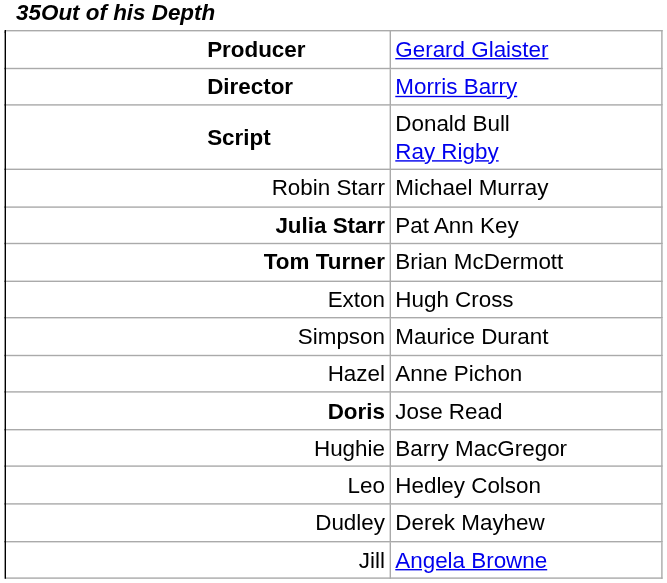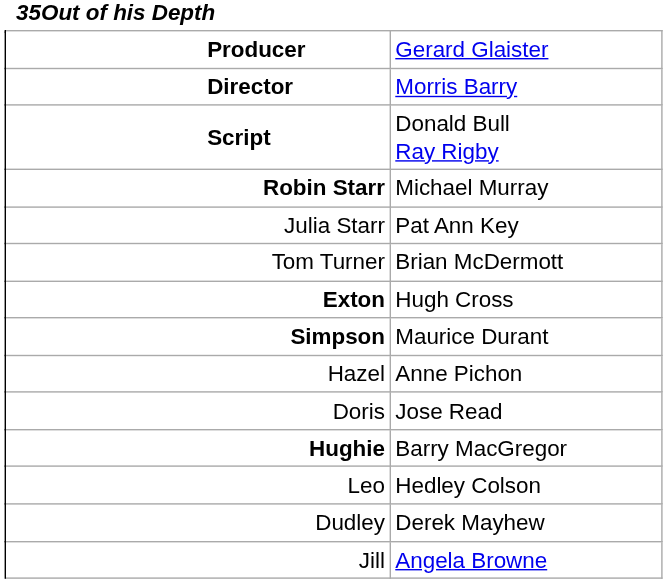 <table class="wikitable mw-collapsible mw-collapsed" style="vertical-align:top;margin:auto 2em;line-height:1.2;min-width:33em;display: inline-table;background-color:inherit;border:none;">
 <tr>
 <td class=unsortable style="border:hidden;line-height:1.67;text-align:center;margin-left:-1em;padding-left:0.5em;min-width:1.0em;"></td>
 <td class=unsortable style="border:none;padding-left:0.5em;text-align:left;min-width:16.5em;font-weight:700;font-style:italic;">35Out of his Depth</td>
 <td class=unsortable style="border:none;text-align:right;font-weight:normal;font-family:Courier;font-size:95%;letter-spacing:-1pt;min-width:8.5em;padding-right:0.2em;"></td>
 <td class=unsortable style="border:hidden;min-width:3.5em;padding-left:0;"></td>
 <td class=unsortable style="border:hidden;min-width:3.5em;font-size:95%;"></td>
 </tr>
 <tr>
 <td rowspan=100 style="border:none thin;border-right-style :solid;"></td>
 </tr>
 <tr>
 <td style="text-align:left;padding-left:9.0em;font-weight:bold;">Producer</td>
 <td colspan=2><a href='#'>Gerard Glaister</a></td>
 </tr>
 <tr>
 <td style="text-align:left;padding-left:9.0em;font-weight:bold;">Director</td>
 <td colspan=2><a href='#'>Morris Barry</a></td>
 </tr>
 <tr>
 <td style="text-align:left;padding-left:9.0em;font-weight:bold;">Script</td>
 <td colspan=2>Donald Bull<br><a href='#'>Ray Rigby</a></td>
 </tr>
 <tr>
-<td style="text-align:right;">Robin Starr</td>
+<td style="text-align:right;"><strong>Robin Starr</strong></td>
 <td colspan=2>Michael Murray</td>
 </tr>
 <tr>
-<td style="text-align:right;"><strong>Julia Starr</strong></td>
+<td style="text-align:right;">Julia Starr</td>
 <td colspan=2>Pat Ann Key</td>
 </tr>
 <tr>
-<td style="text-align:right;"><strong>Tom Turner</strong></td>
+<td style="text-align:right;">Tom Turner</td>
 <td colspan=2>Brian McDermott</td>
 </tr>
 <tr>
-<td style="text-align:right;">Exton</td>
+<td style="text-align:right;"><strong>Exton</strong></td>
 <td colspan=2>Hugh Cross</td>
 </tr>
 <tr>
-<td style="text-align:right;">Simpson</td>
+<td style="text-align:right;"><strong>Simpson</strong></td>
 <td colspan=2>Maurice Durant</td>
 </tr>
 <tr>
 <td style="text-align:right;">Hazel</td>
 <td colspan=2>Anne Pichon</td>
 </tr>
 <tr>
-<td style="text-align:right;"><strong>Doris</strong></td>
+<td style="text-align:right;">Doris</td>
 <td colspan=2>Jose Read</td>
 </tr>
 <tr>
-<td style="text-align:right;">Hughie</td>
+<td style="text-align:right;"><strong>Hughie</strong></td>
 <td colspan=2>Barry MacGregor</td>
 </tr>
 <tr>
 <td style="text-align:right;">Leo</td>
 <td colspan=2>Hedley Colson</td>
 </tr>
 <tr>
 <td style="text-align:right;">Dudley</td>
 <td colspan=2>Derek Mayhew</td>
 </tr>
 <tr>
 <td style="text-align:right;">Jill</td>
 <td colspan=2><a href='#'>Angela Browne</a></td>
 </tr>
 </table>
